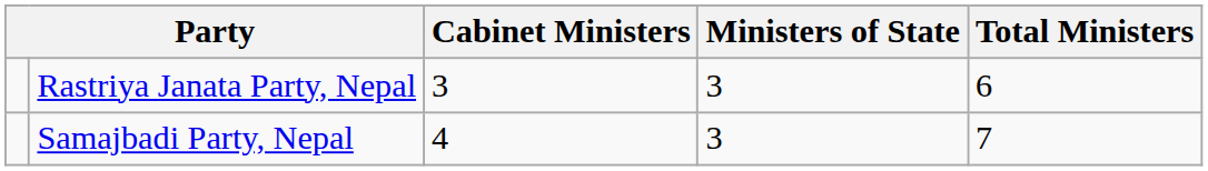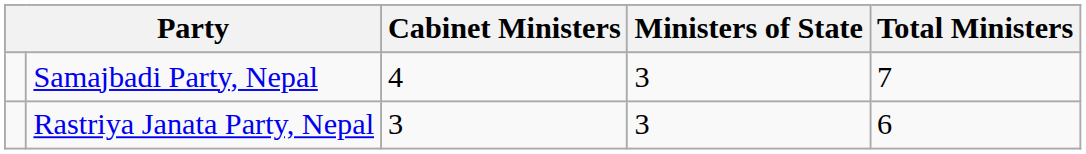 <table class="wikitable">
 <tr>
 <th colspan="2">Party</th>
 <th>Cabinet Ministers</th>
 <th>Ministers of State</th>
 <th>Total Ministers</th>
 </tr>
 <tr>
 <td width="4px"></td>
+<td><a href='#'>Samajbadi Party, Nepal</a></td>
+<td>4</td>
+<td>3</td>
+<td>7</td>
+</tr>
+<tr>
+<td width="4px"></td>
 <td><a href='#'>Rastriya Janata Party, Nepal</a></td>
 <td>3</td>
 <td>3</td>
 <td>6</td>
 </tr>
-<tr>
-<td width="4px"></td>
-<td><a href='#'>Samajbadi Party, Nepal</a></td>
-<td>4</td>
-<td>3</td>
-<td>7</td>
-</tr>
 </table>
